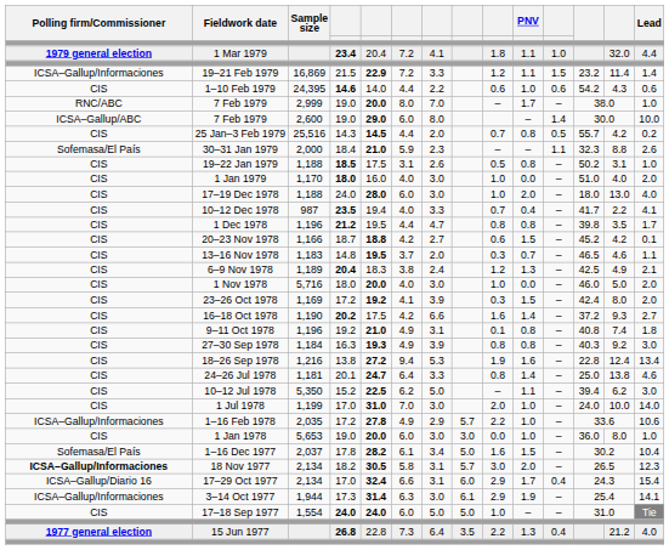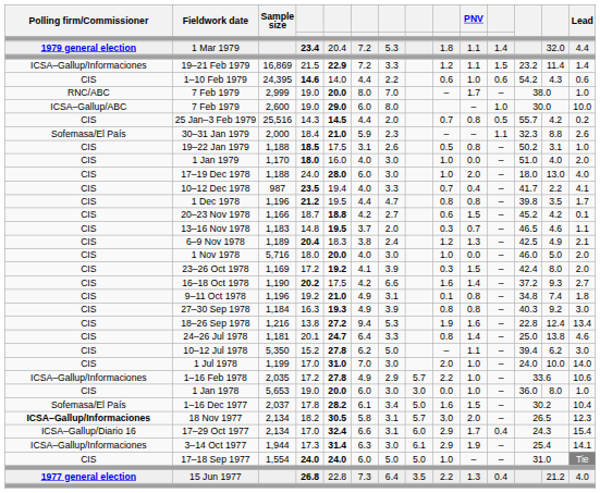 <table class="wikitable collapsible collapsed" style="text-align:center; font-size:90%; line-height:14px;">
 <tr style="height:42px;">
 <th style="width:250px;" rowspan="2">Polling firm/Commissioner</th>
 <th style="width:125px;" rowspan="2">Fieldwork date</th>
 <th style="width:50px;" rowspan="2">Sample size</th>
 <th style="width:35px;"></th>
 <th style="width:35px;"></th>
 <th style="width:35px;"></th>
 <th style="width:35px;"></th>
 <th style="width:35px;"></th>
 <th style="width:35px;"></th>
 <th style="width:35px;"><a href='#'>PNV</a></th>
 <th style="width:35px;"></th>
 <th style="width:35px;" rowspan="2"></th>
 <th style="width:35px;" rowspan="2"></th>
 <th style="width:30px;" rowspan="2">Lead</th>
 </tr>
 <tr>
 <th style="color:inherit;background:"></th>
 <th style="color:inherit;background:"></th>
 <th style="color:inherit;background:"></th>
 <th style="color:inherit;background:"></th>
 <th style="color:inherit;background:"></th>
 <th style="color:inherit;background:"></th>
 <th style="color:inherit;background:"></th>
 <th style="color:inherit;background:"></th>
 </tr>
 <tr>
 <td colspan="14" style="background:#A0A0A0"></td>
 </tr>
 <tr style="background:#EFEFEF;">
 <td><strong><a href='#'>1979 general election</a></strong></td>
 <td>1 Mar 1979</td>
 <td></td>
 <td><strong>23.4</strong></td>
 <td>20.4</td>
 <td>7.2</td>
-<td>4.1</td>
+<td>5.3</td>
 <td></td>
 <td>1.8</td>
 <td>1.1</td>
-<td>1.0</td>
+<td>1.4</td>
 <td></td>
 <td>32.0</td>
 <td style="background:">4.4</td>
 </tr>
 <tr>
 <td colspan="14" style="background:#A0A0A0"></td>
 </tr>
 <tr>
 <td>ICSA–Gallup/Informaciones</td>
 <td>19–21 Feb 1979</td>
 <td>16,869</td>
 <td>21.5</td>
 <td><strong>22.9</strong></td>
 <td>7.2</td>
 <td>3.3</td>
 <td></td>
 <td>1.2</td>
 <td>1.1</td>
 <td>1.5</td>
 <td>23.2</td>
 <td>11.4</td>
 <td style="background:">1.4</td>
 </tr>
 <tr>
 <td>CIS</td>
 <td>1–10 Feb 1979</td>
 <td>24,395</td>
 <td><strong>14.6</strong></td>
 <td>14.0</td>
 <td>4.4</td>
 <td>2.2</td>
 <td></td>
 <td>0.6</td>
 <td>1.0</td>
 <td>0.6</td>
 <td>54.2</td>
 <td>4.3</td>
 <td style="background:">0.6</td>
 </tr>
 <tr>
 <td>RNC/ABC</td>
 <td>7 Feb 1979</td>
 <td>2,999</td>
 <td>19.0</td>
 <td><strong>20.0</strong></td>
 <td>8.0</td>
 <td>7.0</td>
 <td></td>
 <td>–</td>
 <td>1.7</td>
 <td>–</td>
 <td colspan="2">38.0</td>
 <td style="background:">1.0</td>
 </tr>
 <tr>
 <td>ICSA–Gallup/ABC</td>
 <td>7 Feb 1979</td>
 <td>2,600</td>
 <td>19.0</td>
 <td><strong>29.0</strong></td>
 <td>6.0</td>
 <td>8.0</td>
 <td></td>
 <td></td>
 <td>–</td>
-<td>1.4</td>
+<td>1.0</td>
 <td colspan="2">30.0</td>
 <td style="background:">10.0</td>
 </tr>
 <tr>
 <td>CIS</td>
 <td>25 Jan–3 Feb 1979</td>
 <td>25,516</td>
 <td>14.3</td>
 <td><strong>14.5</strong></td>
 <td>4.4</td>
 <td>2.0</td>
 <td></td>
 <td>0.7</td>
 <td>0.8</td>
 <td>0.5</td>
 <td>55.7</td>
 <td>4.2</td>
 <td style="background:">0.2</td>
 </tr>
 <tr>
 <td>Sofemasa/El País</td>
 <td>30–31 Jan 1979</td>
 <td>2,000</td>
 <td>18.4</td>
 <td><strong>21.0</strong></td>
 <td>5.9</td>
 <td>2.3</td>
 <td></td>
 <td>–</td>
 <td>–</td>
 <td>1.1</td>
 <td>32.3</td>
 <td>8.8</td>
 <td style="background:">2.6</td>
 </tr>
 <tr>
 <td>CIS</td>
 <td>19–22 Jan 1979</td>
 <td>1,188</td>
 <td><strong>18.5</strong></td>
 <td>17.5</td>
 <td>3.1</td>
 <td>2.6</td>
 <td></td>
 <td>0.5</td>
 <td>0.8</td>
 <td>–</td>
 <td>50.2</td>
 <td>3.1</td>
 <td style="background:">1.0</td>
 </tr>
 <tr>
 <td>CIS</td>
 <td>1 Jan 1979</td>
 <td>1,170</td>
 <td><strong>18.0</strong></td>
 <td>16.0</td>
 <td>4.0</td>
 <td>3.0</td>
 <td></td>
 <td>1.0</td>
 <td>0.0</td>
 <td>–</td>
 <td>51.0</td>
 <td>4.0</td>
 <td style="background:">2.0</td>
 </tr>
 <tr>
 <td>CIS</td>
 <td>17–19 Dec 1978</td>
 <td>1,188</td>
 <td>24.0</td>
 <td><strong>28.0</strong></td>
 <td>6.0</td>
 <td>3.0</td>
 <td></td>
 <td>1.0</td>
 <td>2.0</td>
 <td>–</td>
 <td>18.0</td>
 <td>13.0</td>
 <td style="background:">4.0</td>
 </tr>
 <tr>
 <td>CIS</td>
 <td>10–12 Dec 1978</td>
 <td>987</td>
 <td><strong>23.5</strong></td>
 <td>19.4</td>
 <td>4.0</td>
 <td>3.3</td>
 <td></td>
 <td>0.7</td>
 <td>0.4</td>
 <td>–</td>
 <td>41.7</td>
 <td>2.2</td>
 <td style="background:">4.1</td>
 </tr>
 <tr>
 <td>CIS</td>
 <td>1 Dec 1978</td>
 <td>1,196</td>
 <td><strong>21.2</strong></td>
 <td>19.5</td>
 <td>4.4</td>
 <td>4.7</td>
 <td></td>
 <td>0.8</td>
 <td>0.8</td>
 <td>–</td>
 <td>39.8</td>
 <td>3.5</td>
 <td style="background:">1.7</td>
 </tr>
 <tr>
 <td>CIS</td>
 <td>20–23 Nov 1978</td>
 <td>1,166</td>
 <td>18.7</td>
 <td><strong>18.8</strong></td>
 <td>4.2</td>
 <td>2.7</td>
 <td></td>
 <td>0.6</td>
 <td>1.5</td>
 <td>–</td>
 <td>45.2</td>
 <td>4.2</td>
 <td style="background:">0.1</td>
 </tr>
 <tr>
 <td>CIS</td>
 <td>13–16 Nov 1978</td>
 <td>1,183</td>
 <td>14.8</td>
 <td><strong>19.5</strong></td>
 <td>3.7</td>
 <td>2.0</td>
 <td></td>
 <td>0.3</td>
 <td>0.7</td>
 <td>–</td>
 <td>46.5</td>
 <td>4.6</td>
 <td style="background:">1.1</td>
 </tr>
 <tr>
 <td>CIS</td>
 <td>6–9 Nov 1978</td>
 <td>1,189</td>
 <td><strong>20.4</strong></td>
 <td>18.3</td>
 <td>3.8</td>
 <td>2.4</td>
 <td></td>
 <td>1.2</td>
 <td>1.3</td>
 <td>–</td>
 <td>42.5</td>
 <td>4.9</td>
 <td style="background:">2.1</td>
 </tr>
 <tr>
 <td>CIS</td>
 <td>1 Nov 1978</td>
 <td>5,716</td>
 <td>18.0</td>
 <td><strong>20.0</strong></td>
 <td>4.0</td>
 <td>3.0</td>
 <td></td>
 <td>1.0</td>
 <td>0.0</td>
 <td>–</td>
 <td>46.0</td>
 <td>5.0</td>
 <td style="background:">2.0</td>
 </tr>
 <tr>
 <td>CIS</td>
 <td>23–26 Oct 1978</td>
 <td>1,169</td>
 <td>17.2</td>
 <td><strong>19.2</strong></td>
 <td>4.1</td>
 <td>3.9</td>
 <td></td>
 <td>0.3</td>
 <td>1.5</td>
 <td>–</td>
 <td>42.4</td>
 <td>8.0</td>
 <td style="background:">2.0</td>
 </tr>
 <tr>
 <td>CIS</td>
 <td>16–18 Oct 1978</td>
 <td>1,190</td>
 <td><strong>20.2</strong></td>
 <td>17.5</td>
 <td>4.2</td>
 <td>6.6</td>
 <td></td>
 <td>1.6</td>
 <td>1.4</td>
 <td>–</td>
 <td>37.2</td>
 <td>9.3</td>
 <td style="background:">2.7</td>
 </tr>
 <tr>
 <td>CIS</td>
 <td>9–11 Oct 1978</td>
 <td>1,196</td>
 <td>19.2</td>
 <td><strong>21.0</strong></td>
 <td>4.9</td>
 <td>3.1</td>
 <td></td>
 <td>0.1</td>
 <td>0.8</td>
 <td>–</td>
-<td>40.8</td>
+<td>34.8</td>
 <td>7.4</td>
 <td style="background:">1.8</td>
 </tr>
 <tr>
 <td>CIS</td>
 <td>27–30 Sep 1978</td>
 <td>1,184</td>
 <td>16.3</td>
 <td><strong>19.3</strong></td>
 <td>4.9</td>
 <td>3.9</td>
 <td></td>
 <td>0.8</td>
 <td>0.8</td>
 <td>–</td>
 <td>40.3</td>
 <td>9.2</td>
 <td style="background:">3.0</td>
 </tr>
 <tr>
 <td>CIS</td>
 <td>18–26 Sep 1978</td>
 <td>1,216</td>
 <td>13.8</td>
 <td><strong>27.2</strong></td>
 <td>9.4</td>
 <td>5.3</td>
 <td></td>
 <td>1.9</td>
 <td>1.6</td>
 <td>–</td>
 <td>22.8</td>
 <td>12.4</td>
 <td style="background:">13.4</td>
 </tr>
 <tr>
 <td>CIS</td>
 <td>24–26 Jul 1978</td>
 <td>1,181</td>
 <td>20.1</td>
 <td><strong>24.7</strong></td>
 <td>6.4</td>
 <td>3.3</td>
 <td></td>
 <td>0.8</td>
 <td>1.4</td>
 <td>–</td>
 <td>25.0</td>
 <td>13.8</td>
 <td style="background:">4.6</td>
 </tr>
 <tr>
 <td>CIS</td>
 <td>10–12 Jul 1978</td>
 <td>5,350</td>
 <td>15.2</td>
-<td><strong>22.5</strong></td>
+<td><strong>27.8</strong></td>
 <td>6.2</td>
 <td>5.0</td>
 <td></td>
 <td>–</td>
 <td>1.1</td>
 <td>–</td>
 <td>39.4</td>
 <td>6.2</td>
 <td style="background:">3.0</td>
 </tr>
 <tr>
 <td>CIS</td>
 <td>1 Jul 1978</td>
 <td>1,199</td>
 <td>17.0</td>
 <td><strong>31.0</strong></td>
 <td>7.0</td>
 <td>3.0</td>
 <td></td>
 <td>2.0</td>
 <td>1.0</td>
 <td>–</td>
 <td>24.0</td>
 <td>10.0</td>
 <td style="background:">14.0</td>
 </tr>
 <tr>
 <td>ICSA–Gallup/Informaciones</td>
 <td>1–16 Feb 1978</td>
 <td>2,035</td>
 <td>17.2</td>
 <td><strong>27.8</strong></td>
 <td>4.9</td>
 <td>2.9</td>
 <td>5.7</td>
 <td>2.2</td>
 <td>1.0</td>
 <td>–</td>
 <td colspan="2">33.6</td>
 <td style="background:">10.6</td>
 </tr>
 <tr>
 <td>CIS</td>
 <td>1 Jan 1978</td>
 <td>5,653</td>
 <td>19.0</td>
 <td><strong>20.0</strong></td>
 <td>6.0</td>
 <td>3.0</td>
 <td>3.0</td>
 <td>0.0</td>
 <td>1.0</td>
 <td>–</td>
 <td>36.0</td>
 <td>8.0</td>
 <td style="background:">1.0</td>
 </tr>
 <tr>
 <td>Sofemasa/El País</td>
 <td>1–16 Dec 1977</td>
 <td>2,037</td>
 <td>17.8</td>
 <td><strong>28.2</strong></td>
 <td>6.1</td>
 <td>3.4</td>
 <td>5.0</td>
 <td>1.6</td>
 <td>1.5</td>
 <td>–</td>
 <td colspan="2">30.2</td>
 <td style="background:">10.4</td>
 </tr>
 <tr>
 <td><strong>ICSA–Gallup/Informaciones</strong></td>
 <td>18 Nov 1977</td>
 <td>2,134</td>
 <td>18.2</td>
 <td><strong>30.5</strong></td>
 <td>5.8</td>
 <td>3.1</td>
 <td>5.7</td>
 <td>3.0</td>
 <td>2.0</td>
 <td>–</td>
 <td colspan="2">26.5</td>
 <td style="background:">12.3</td>
 </tr>
 <tr>
 <td>ICSA–Gallup/Diario 16</td>
 <td>17–29 Oct 1977</td>
 <td>2,134</td>
 <td>17.0</td>
 <td><strong>32.4</strong></td>
 <td>6.6</td>
 <td>3.1</td>
 <td>6.0</td>
 <td>2.9</td>
 <td>1.7</td>
 <td>0.4</td>
 <td colspan="2">24.3</td>
 <td style="background:">15.4</td>
 </tr>
 <tr>
 <td>ICSA–Gallup/Informaciones</td>
 <td>3–14 Oct 1977</td>
 <td>1,944</td>
 <td>17.3</td>
 <td><strong>31.4</strong></td>
 <td>6.3</td>
 <td>3.0</td>
 <td>6.1</td>
 <td>2.9</td>
 <td>1.9</td>
 <td>–</td>
 <td colspan="2">25.4</td>
 <td style="background:">14.1</td>
 </tr>
 <tr>
 <td>CIS</td>
 <td>17–18 Sep 1977</td>
 <td>1,554</td>
 <td><strong>24.0</strong></td>
 <td><strong>24.0</strong></td>
 <td>6.0</td>
 <td>5.0</td>
 <td>5.0</td>
 <td>1.0</td>
 <td>–</td>
 <td>–</td>
 <td colspan="2">31.0</td>
 <td style="background:gray;color:white;">Tie</td>
 </tr>
 <tr>
 <td colspan="14" style="background:#A0A0A0"></td>
 </tr>
 <tr style="background:#EFEFEF;">
 <td><strong><a href='#'>1977 general election</a></strong></td>
 <td>15 Jun 1977</td>
 <td></td>
 <td><strong>26.8</strong></td>
 <td>22.8</td>
 <td>7.3</td>
 <td>6.4</td>
 <td>3.5</td>
 <td>2.2</td>
 <td>1.3</td>
 <td>0.4</td>
 <td></td>
 <td>21.2</td>
 <td style="background:">4.0</td>
 </tr>
 <tr>
 <td colspan="14" style="background:#A0A0A0"></td>
 </tr>
 </table>
